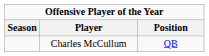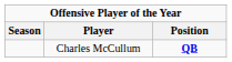 <table class="wikitable sortable" style="text-align:center">
 <tr>
 <td colspan="4"><strong>Offensive Player of the Year</strong></td>
 </tr>
 <tr>
 <th style="width:50px; ">Season</th>
 <th style="width:150px; ">Player</th>
 <th style="width:100px; ">Position</th>
 </tr>
 <tr>
 <td></td>
 <td>Charles McCullum</td>
-<td><a href='#'>QB</a></td>
+<td><strong><a href='#'>QB</a></strong></td>
 </tr>
 </table>
